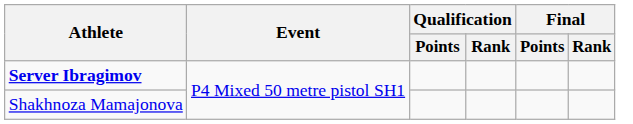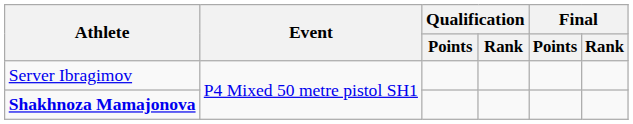 <table class="wikitable" style="font-size:90%">
 <tr>
 <th rowspan="2">Athlete</th>
 <th rowspan="2">Event</th>
 <th colspan="2">Qualification</th>
 <th colspan="2">Final</th>
 </tr>
 <tr style="font-size:95%">
 <th>Points</th>
 <th>Rank</th>
 <th>Points</th>
 <th>Rank</th>
 </tr>
 <tr align=center>
-<td align=left><strong><a href='#'>Server Ibragimov</a></strong></td>
+<td align=left><a href='#'>Server Ibragimov</a></td>
 <td align=left rowspan=2><a href='#'>P4 Mixed 50 metre pistol SH1</a></td>
 <td></td>
 <td></td>
 <td></td>
 <td></td>
 </tr>
 <tr align=center>
-<td align=left><a href='#'>Shakhnoza Mamajonova</a></td>
+<td align=left><strong><a href='#'>Shakhnoza Mamajonova</a></strong></td>
 <td></td>
 <td></td>
 <td></td>
 <td></td>
 </tr>
 </table>
